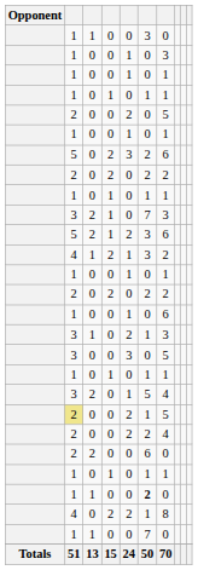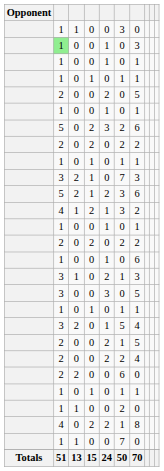 <table class="wikitable plainrowheaders sortable" style="text-align:center">
 <tr>
 <th scope=col>Opponent</th>
 <th scope=col></th>
 <th scope=col></th>
 <th scope=col></th>
 <th scope=col></th>
 <th scope=col></th>
 <th scope=col></th>
 <th scope=col></th>
 <th scope=col></th>
 <th scope=col></th>
 </tr>
 <tr>
 <th scope=row style="text-align:left;"></th>
 <td>1</td>
 <td>1</td>
 <td>0</td>
 <td>0</td>
 <td>3</td>
 <td>0</td>
 <td></td>
 <td></td>
 <td></td>
 </tr>
 <tr>
 <th scope=row style="text-align:left;"></th>
-<td>1</td>
+<td style="background: lightgreen;">1</td>
 <td>0</td>
 <td>0</td>
 <td>1</td>
 <td>0</td>
 <td>3</td>
 <td></td>
 <td></td>
 <td></td>
 </tr>
 <tr>
 <th scope=row style="text-align:left;"></th>
 <td>1</td>
 <td>0</td>
 <td>0</td>
 <td>1</td>
 <td>0</td>
 <td>1</td>
 <td></td>
 <td></td>
 <td></td>
 </tr>
 <tr>
 <th scope=row style="text-align:left;"></th>
 <td>1</td>
 <td>0</td>
 <td>1</td>
 <td>0</td>
 <td>1</td>
 <td>1</td>
 <td></td>
 <td></td>
 <td></td>
 </tr>
 <tr>
 <th scope=row style="text-align:left;"></th>
 <td>2</td>
 <td>0</td>
 <td>0</td>
 <td>2</td>
 <td>0</td>
 <td>5</td>
 <td></td>
 <td></td>
 <td></td>
 </tr>
 <tr>
 <th scope=row style="text-align:left;"></th>
 <td>1</td>
 <td>0</td>
 <td>0</td>
 <td>1</td>
 <td>0</td>
 <td>1</td>
 <td></td>
 <td></td>
 <td></td>
 </tr>
 <tr>
 <th scope=row style="text-align:left;"></th>
 <td>5</td>
 <td>0</td>
 <td>2</td>
 <td>3</td>
 <td>2</td>
 <td>6</td>
 <td></td>
 <td></td>
 <td></td>
 </tr>
 <tr>
 <th scope=row style="text-align:left;"></th>
 <td>2</td>
 <td>0</td>
 <td>2</td>
 <td>0</td>
 <td>2</td>
 <td>2</td>
 <td></td>
 <td></td>
 <td></td>
 </tr>
 <tr>
 <th scope=row style="text-align:left;"></th>
 <td>1</td>
 <td>0</td>
 <td>1</td>
 <td>0</td>
 <td>1</td>
 <td>1</td>
 <td></td>
 <td></td>
 <td></td>
 </tr>
 <tr>
 <th scope=row style="text-align:left;"></th>
 <td>3</td>
 <td>2</td>
 <td>1</td>
 <td>0</td>
 <td>7</td>
 <td>3</td>
 <td></td>
 <td></td>
 <td></td>
 </tr>
 <tr>
 <th scope=row style="text-align:left;"></th>
 <td>5</td>
 <td>2</td>
 <td>1</td>
 <td>2</td>
 <td>3</td>
 <td>6</td>
 <td></td>
 <td></td>
 <td></td>
 </tr>
 <tr>
 <th scope=row style="text-align:left;"></th>
 <td>4</td>
 <td>1</td>
 <td>2</td>
 <td>1</td>
 <td>3</td>
 <td>2</td>
 <td></td>
 <td></td>
 <td></td>
 </tr>
 <tr>
 <th scope=row style="text-align:left;"></th>
 <td>1</td>
 <td>0</td>
 <td>0</td>
 <td>1</td>
 <td>0</td>
 <td>1</td>
 <td></td>
 <td></td>
 <td></td>
 </tr>
 <tr>
 <th scope=row style="text-align:left;"></th>
 <td>2</td>
 <td>0</td>
 <td>2</td>
 <td>0</td>
 <td>2</td>
 <td>2</td>
 <td></td>
 <td></td>
 <td></td>
 </tr>
 <tr>
 <th scope=row style="text-align:left;"></th>
 <td>1</td>
 <td>0</td>
 <td>0</td>
 <td>1</td>
 <td>0</td>
 <td>6</td>
 <td></td>
 <td></td>
 <td></td>
 </tr>
 <tr>
 <th scope=row style="text-align:left;"></th>
 <td>3</td>
 <td>1</td>
 <td>0</td>
 <td>2</td>
 <td>1</td>
 <td>3</td>
 <td></td>
 <td></td>
 <td></td>
 </tr>
 <tr>
 <th scope=row style="text-align:left;"></th>
 <td>3</td>
 <td>0</td>
 <td>0</td>
 <td>3</td>
 <td>0</td>
 <td>5</td>
 <td></td>
 <td></td>
 <td></td>
 </tr>
 <tr>
 <th scope=row style="text-align:left;"></th>
 <td>1</td>
 <td>0</td>
 <td>1</td>
 <td>0</td>
 <td>1</td>
 <td>1</td>
 <td></td>
 <td></td>
 <td></td>
 </tr>
 <tr>
 <th scope=row style="text-align:left;"></th>
 <td>3</td>
 <td>2</td>
 <td>0</td>
 <td>1</td>
 <td>5</td>
 <td>4</td>
 <td></td>
 <td></td>
 <td></td>
 </tr>
 <tr>
 <th scope=row style="text-align:left;"></th>
-<td style="background: khaki;">2</td>
+<td>2</td>
 <td>0</td>
 <td>0</td>
 <td>2</td>
 <td>1</td>
 <td>5</td>
 <td></td>
 <td></td>
 <td></td>
 </tr>
 <tr>
 <th scope=row style="text-align:left;"></th>
 <td>2</td>
 <td>0</td>
 <td>0</td>
 <td>2</td>
 <td>2</td>
 <td>4</td>
 <td></td>
 <td></td>
 <td></td>
 </tr>
 <tr>
 <th scope=row style="text-align:left;"></th>
 <td>2</td>
 <td>2</td>
 <td>0</td>
 <td>0</td>
 <td>6</td>
 <td>0</td>
 <td></td>
 <td></td>
 <td></td>
 </tr>
 <tr>
 <th scope=row style="text-align:left;"></th>
 <td>1</td>
 <td>0</td>
 <td>1</td>
 <td>0</td>
 <td>1</td>
 <td>1</td>
 <td></td>
 <td></td>
 <td></td>
 </tr>
 <tr>
 <th scope=row style="text-align:left;"></th>
 <td>1</td>
 <td>1</td>
 <td>0</td>
 <td>0</td>
-<td><strong>2</strong></td>
+<td>2</td>
 <td>0</td>
 <td></td>
 <td></td>
 <td></td>
 </tr>
 <tr>
 <th scope=row style="text-align:left;"></th>
 <td>4</td>
 <td>0</td>
 <td>2</td>
 <td>2</td>
 <td>1</td>
 <td>8</td>
 <td></td>
 <td></td>
 <td></td>
 </tr>
 <tr>
 <th scope=row style="text-align:left;"></th>
 <td>1</td>
 <td>1</td>
 <td>0</td>
 <td>0</td>
 <td>7</td>
 <td>0</td>
 <td></td>
 <td></td>
 <td></td>
 </tr>
 <tr>
 </tr>
 <tr class="sortbottom">
 <th>Totals</th>
 <th>51</th>
 <th>13</th>
 <th>15</th>
 <th>24</th>
 <th>50</th>
 <th>70</th>
 <th></th>
 <th></th>
 <th></th>
 </tr>
 </table>
